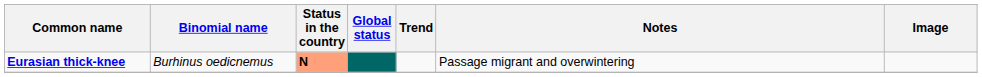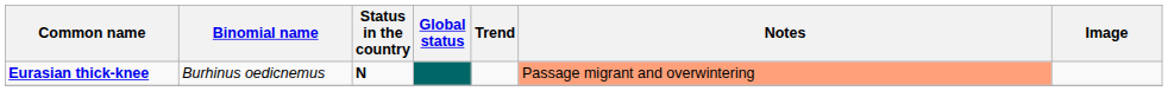 <table class="wikitable sortable">
 <tr>
 <th width="15%">Common name</th>
 <th width="15%"><a href='#'>Binomial name</a></th>
 <th data-sort-type="number" width="1%">Status in the country</th>
 <th width="5%"><a href='#'>Global status</a></th>
 <th width="1%">Trend</th>
 <th class="unsortable">Notes</th>
 <th class="unsortable">Image</th>
 </tr>
 <tr>
 <td><strong><a href='#'>Eurasian thick-knee</a></strong></td>
 <td><em>Burhinus oedicnemus</em></td>
-<td style="background: lightsalmon;"><strong>N</strong></td>
+<td><strong>N</strong></td>
 <td align=center style="background: #006666"></td>
 <td align=center></td>
-<td>Passage migrant and overwintering</td>
+<td style="background: lightsalmon;">Passage migrant and overwintering</td>
 <td></td>
 </tr>
 <tr>
 </tr>
 </table>
